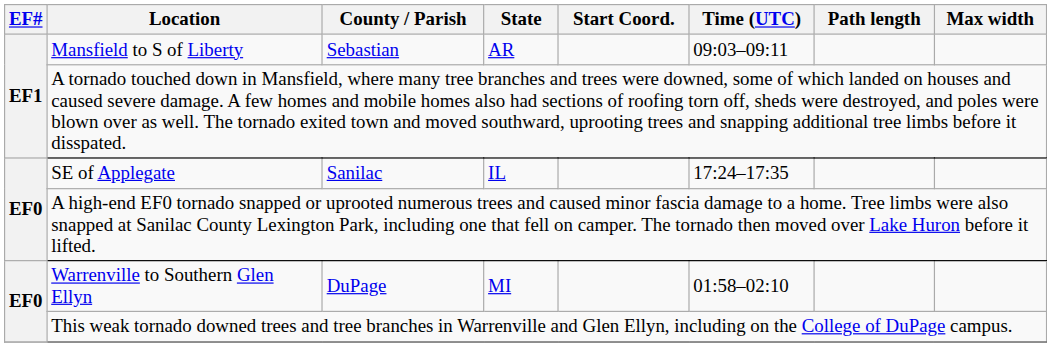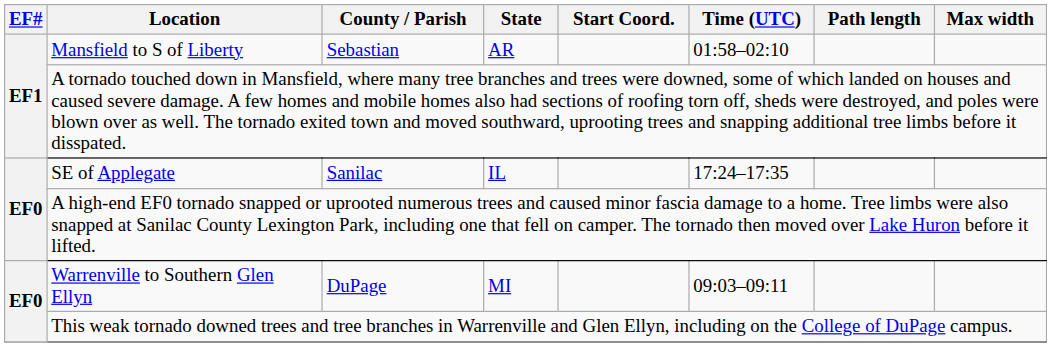 <table class="wikitable sortable" style="width:100%;">
 <tr>
 <th scope="col" width="2%" align="center"><a href='#'>EF#</a></th>
 <th scope="col" align="center" class="unsortable">Location</th>
 <th scope="col" align="center" class="unsortable">County / Parish</th>
 <th scope="col" align="center">State</th>
 <th scope="col" align="center">Start Coord.</th>
 <th scope="col" align="center">Time (<a href='#'>UTC</a>)</th>
 <th scope="col" align="center">Path length</th>
 <th scope="col" align="center">Max width</th>
 </tr>
 <tr>
 <th scope="row" rowspan="2" style="background-color:#">EF1</th>
 <td><a href='#'>Mansfield</a> to S of <a href='#'>Liberty</a></td>
 <td><a href='#'>Sebastian</a></td>
 <td><a href='#'>AR</a></td>
 <td></td>
-<td>09:03–09:11</td>
+<td>01:58–02:10</td>
 <td></td>
 <td></td>
 </tr>
 <tr class="expand-child">
 <td colspan="8" style=" border-bottom: 1px solid black;">A tornado touched down in Mansfield, where many tree branches and trees were downed, some of which landed on houses and caused severe damage. A few homes and mobile homes also had sections of roofing torn off, sheds were destroyed, and poles were blown over as well. The tornado exited town and moved southward, uprooting trees and snapping additional tree limbs before it disspated.</td>
 </tr>
 <tr>
 <th scope="row" rowspan="2" style="background-color:#">EF0</th>
 <td>SE of <a href='#'>Applegate</a></td>
 <td><a href='#'>Sanilac</a></td>
 <td><a href='#'>IL</a></td>
 <td></td>
 <td>17:24–17:35</td>
 <td></td>
 <td></td>
 </tr>
 <tr class="expand-child">
 <td colspan="8" style=" border-bottom: 1px solid black;">A high-end EF0 tornado snapped or uprooted numerous trees and caused minor fascia damage to a home. Tree limbs were also snapped at Sanilac County Lexington Park, including one that fell on camper. The tornado then moved over <a href='#'>Lake Huron</a> before it lifted.</td>
 </tr>
 <tr>
 <th scope="row" rowspan="2" style="background-color:#">EF0</th>
 <td><a href='#'>Warrenville</a> to Southern <a href='#'>Glen Ellyn</a></td>
 <td><a href='#'>DuPage</a></td>
 <td><a href='#'>MI</a></td>
 <td></td>
-<td>01:58–02:10</td>
+<td>09:03–09:11</td>
 <td></td>
 <td></td>
 </tr>
 <tr class="expand-child">
 <td colspan="8" style=" border-bottom: 1px solid black;">This weak tornado downed trees and tree branches in Warrenville and Glen Ellyn, including on the <a href='#'>College of DuPage</a> campus.</td>
 </tr>
 <tr>
 </tr>
 </table>
